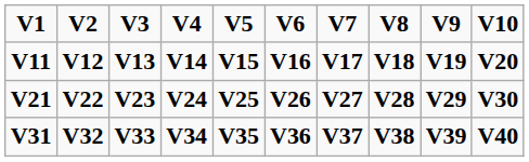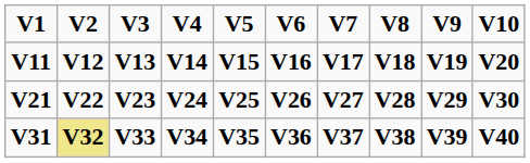 <table class="wikitable" style="text-align: center;">
 <tr valign="top">
 <td><strong>V1</strong><br></td>
 <td><strong>V2</strong><br></td>
 <td><strong>V3</strong><br></td>
 <td><strong>V4</strong><br></td>
 <td><strong>V5</strong><br></td>
 <td><strong>V6</strong><br></td>
 <td><strong>V7</strong><br></td>
 <td><strong>V8</strong><br></td>
 <td><strong>V9</strong><br></td>
 <td><strong>V10</strong><br></td>
 </tr>
 <tr valign="top">
 <td><strong>V11</strong><br></td>
 <td><strong>V12</strong><br></td>
 <td><strong>V13</strong><br></td>
 <td><strong>V14</strong><br></td>
 <td><strong>V15</strong><br></td>
 <td><strong>V16</strong><br></td>
 <td><strong>V17</strong><br></td>
 <td><strong>V18</strong><br></td>
 <td><strong>V19</strong><br></td>
 <td><strong>V20</strong><br></td>
 </tr>
 <tr valign="top">
 <td><strong>V21</strong><br></td>
 <td><strong>V22</strong><br></td>
 <td><strong>V23</strong><br></td>
 <td><strong>V24</strong><br></td>
 <td><strong>V25</strong><br></td>
 <td><strong>V26</strong><br></td>
 <td><strong>V27</strong><br></td>
 <td><strong>V28</strong><br></td>
 <td><strong>V29</strong><br></td>
 <td><strong>V30</strong><br></td>
 </tr>
 <tr valign="top">
 <td><strong>V31</strong><br></td>
-<td><strong>V32</strong><br></td>
+<td style="background: khaki;"><strong>V32</strong><br></td>
 <td><strong>V33</strong><br></td>
 <td><strong>V34</strong><br></td>
 <td><strong>V35</strong><br></td>
 <td><strong>V36</strong><br></td>
 <td><strong>V37</strong><br></td>
 <td><strong>V38</strong><br></td>
 <td><strong>V39</strong><br></td>
 <td><strong>V40</strong><br></td>
 </tr>
 </table>
